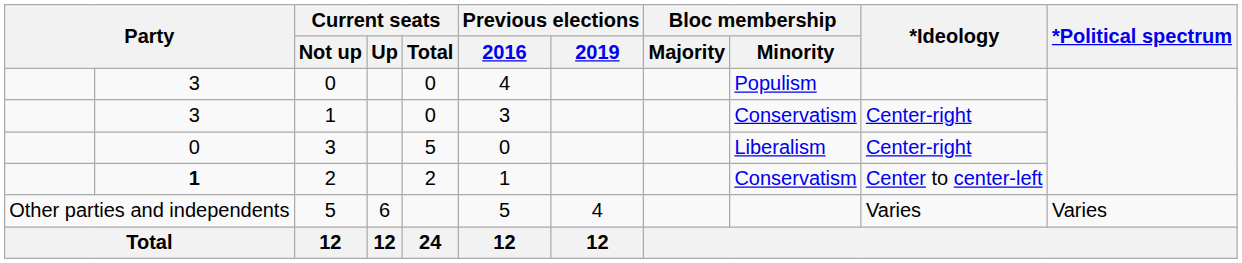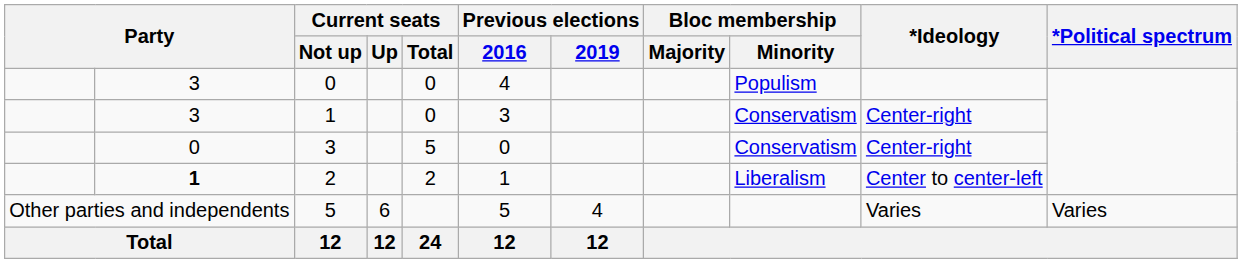 <table class="wikitable" style="text-align:center;">
 <tr>
 <th colspan="2" rowspan="2">Party</th>
 <th colspan="3" width="30px">Current seats</th>
 <th colspan="2">Previous elections</th>
 <th colspan="2">Bloc membership</th>
 <th rowspan="2">*Ideology</th>
 <th rowspan="2"><a href='#'>*Political spectrum</a></th>
 </tr>
 <tr>
 <th>Not up</th>
 <th>Up</th>
 <th>Total</th>
 <th><a href='#'>2016</a></th>
 <th><a href='#'>2019</a></th>
 <th>Majority</th>
 <th>Minority</th>
 </tr>
 <tr>
 <td></td>
 <td>3</td>
 <td>0</td>
 <td></td>
 <td>0</td>
 <td>4</td>
 <td></td>
 <td></td>
 <td align="left"><a href='#'>Populism</a></td>
 <td align="left"></td>
 </tr>
 <tr>
 <td></td>
 <td>3</td>
 <td>1</td>
 <td></td>
 <td>0</td>
 <td>3</td>
 <td></td>
 <td></td>
 <td align="left"><a href='#'>Conservatism</a></td>
 <td align="left"><a href='#'>Center-right</a></td>
 </tr>
 <tr>
 <td></td>
 <td>0</td>
 <td>3</td>
 <td></td>
 <td>5</td>
 <td>0</td>
 <td></td>
 <td></td>
-<td align="left"><a href='#'>Liberalism</a></td>
+<td align="left"><a href='#'>Conservatism</a></td>
 <td align="left"><a href='#'>Center-right</a></td>
 </tr>
 <tr>
 <td></td>
 <td><strong>1</strong></td>
 <td>2</td>
 <td></td>
 <td>2</td>
 <td>1</td>
 <td></td>
 <td></td>
-<td align="left"><a href='#'>Conservatism</a></td>
+<td align="left"><a href='#'>Liberalism</a></td>
 <td align="left"><a href='#'>Center</a> to <a href='#'>center-left</a></td>
 </tr>
 <tr>
 <td align="left" colspan="2">Other parties and independents</td>
 <td>5</td>
 <td>6</td>
 <td></td>
 <td>5</td>
 <td>4</td>
 <td></td>
 <td></td>
 <td align="left">Varies</td>
 <td align="left">Varies</td>
 </tr>
 <tr>
 <th colspan="2">Total</th>
 <th>12</th>
 <th>12</th>
 <th>24</th>
 <th>12</th>
 <th>12</th>
 <th colspan="4"></th>
 </tr>
 </table>
